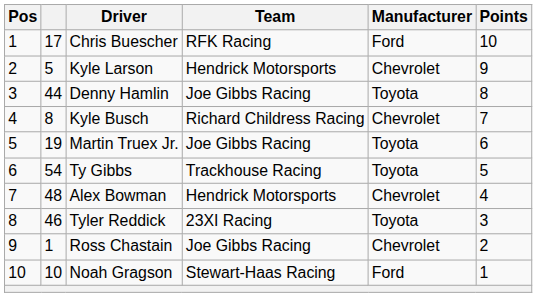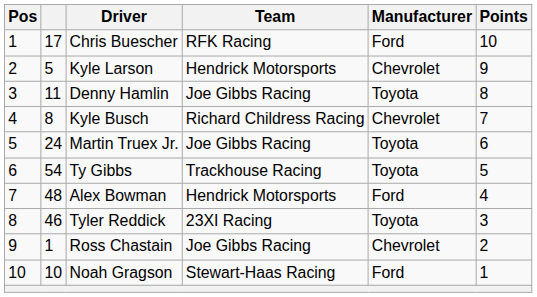 <table class="wikitable" style="font-size:98%">
 <tr>
 <th>Pos</th>
 <th></th>
 <th>Driver</th>
 <th>Team</th>
 <th>Manufacturer</th>
 <th>Points</th>
 </tr>
 <tr>
 <td>1</td>
 <td>17</td>
 <td>Chris Buescher</td>
 <td>RFK Racing</td>
 <td>Ford</td>
 <td>10</td>
 </tr>
 <tr>
 <td>2</td>
 <td>5</td>
 <td>Kyle Larson</td>
 <td>Hendrick Motorsports</td>
 <td>Chevrolet</td>
 <td>9</td>
 </tr>
 <tr>
 <td>3</td>
-<td>44</td>
+<td>11</td>
 <td>Denny Hamlin</td>
 <td>Joe Gibbs Racing</td>
 <td>Toyota</td>
 <td>8</td>
 </tr>
 <tr>
 <td>4</td>
 <td>8</td>
 <td>Kyle Busch</td>
 <td>Richard Childress Racing</td>
 <td>Chevrolet</td>
 <td>7</td>
 </tr>
 <tr>
 <td>5</td>
-<td>19</td>
+<td>24</td>
 <td>Martin Truex Jr.</td>
 <td>Joe Gibbs Racing</td>
 <td>Toyota</td>
 <td>6</td>
 </tr>
 <tr>
 <td>6</td>
 <td>54</td>
 <td>Ty Gibbs</td>
 <td>Trackhouse Racing</td>
 <td>Toyota</td>
 <td>5</td>
 </tr>
 <tr>
 <td>7</td>
 <td>48</td>
 <td>Alex Bowman</td>
 <td>Hendrick Motorsports</td>
-<td>Chevrolet</td>
+<td>Ford</td>
 <td>4</td>
 </tr>
 <tr>
 <td>8</td>
 <td>46</td>
 <td>Tyler Reddick</td>
 <td>23XI Racing</td>
 <td>Toyota</td>
 <td>3</td>
 </tr>
 <tr>
 <td>9</td>
 <td>1</td>
 <td>Ross Chastain</td>
 <td>Joe Gibbs Racing</td>
 <td>Chevrolet</td>
 <td>2</td>
 </tr>
 <tr>
 <td>10</td>
 <td>10</td>
 <td>Noah Gragson</td>
 <td>Stewart-Haas Racing</td>
 <td>Ford</td>
 <td>1</td>
 </tr>
 <tr>
 <th colspan="6"></th>
 </tr>
 </table>
